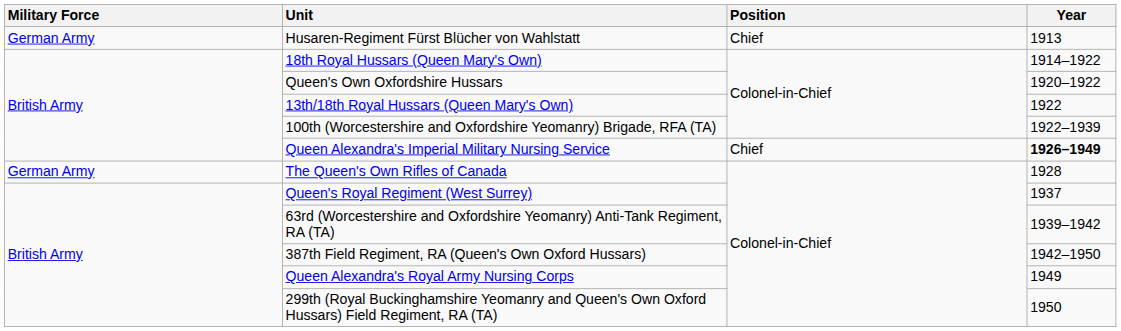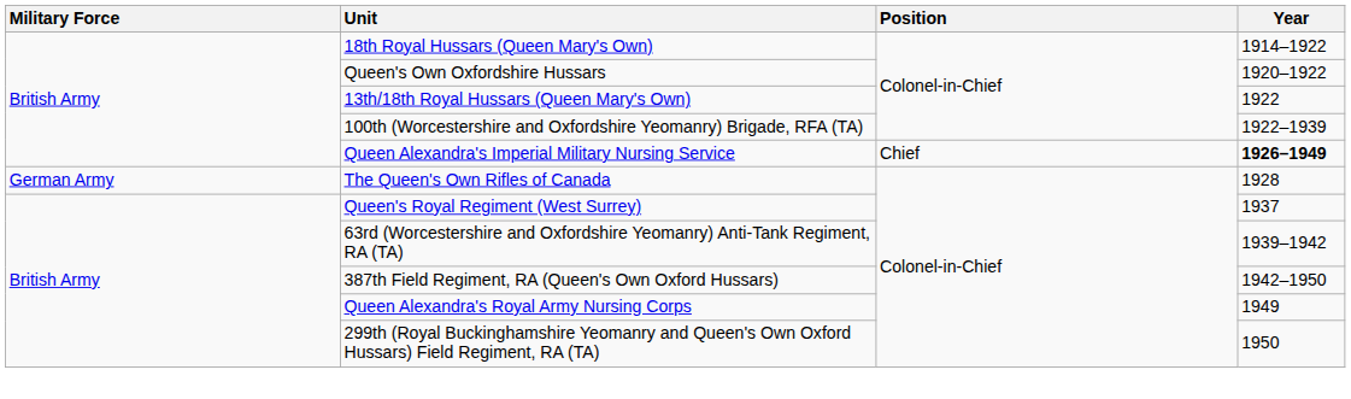 <table class="wikitable" width="100%">
 <tr>
 <th width = "25%" style="text-align:left">Military Force</th>
 <th width = "40%" style="text-align:left">Unit</th>
 <th width = "27%" style="text-align:left">Position</th>
 <th width = "8%" style="text-aligh:left">Year</th>
-</tr>
-<tr>
-<td> <a href='#'>German Army</a></td>
-<td>Husaren-Regiment Fürst Blücher von Wahlstatt</td>
-<td>Chief</td>
-<td>1913</td>
 </tr>
 <tr>
 <td rowspan="5"> <a href='#'>British Army</a></td>
 <td><a href='#'>18th Royal Hussars (Queen Mary's Own)</a></td>
 <td rowspan="4">Colonel-in-Chief</td>
 <td>1914–1922</td>
 </tr>
 <tr>
 <td>Queen's Own Oxfordshire Hussars</td>
 <td>1920–1922</td>
 </tr>
 <tr>
 <td><a href='#'>13th/18th Royal Hussars (Queen Mary's Own)</a></td>
 <td>1922</td>
 </tr>
 <tr>
 <td>100th (Worcestershire and Oxfordshire Yeomanry) Brigade, RFA (TA)</td>
 <td>1922–1939</td>
 </tr>
 <tr>
 <td><a href='#'>Queen Alexandra's Imperial Military Nursing Service</a></td>
 <td>Chief</td>
 <td><strong>1926–1949</strong></td>
 </tr>
 <tr>
 <td> <a href='#'>German Army</a></td>
 <td><a href='#'>The Queen's Own Rifles of Canada</a></td>
 <td rowspan="6">Colonel-in-Chief</td>
 <td>1928</td>
 </tr>
 <tr>
 <td rowspan="6"> <a href='#'>British Army</a></td>
 <td><a href='#'>Queen's Royal Regiment (West Surrey)</a></td>
 <td>1937</td>
 </tr>
 <tr>
 <td>63rd (Worcestershire and Oxfordshire Yeomanry) Anti-Tank Regiment, RA (TA)</td>
 <td>1939–1942</td>
 </tr>
 <tr>
 <td>387th Field Regiment, RA (Queen's Own Oxford Hussars)</td>
 <td>1942–1950</td>
 </tr>
 <tr>
 <td><a href='#'>Queen Alexandra's Royal Army Nursing Corps</a></td>
 <td>1949</td>
 </tr>
 <tr>
 <td>299th (Royal Buckinghamshire Yeomanry and Queen's Own Oxford Hussars) Field Regiment, RA (TA)</td>
 <td>1950</td>
 </tr>
 </table>
